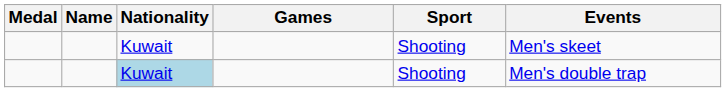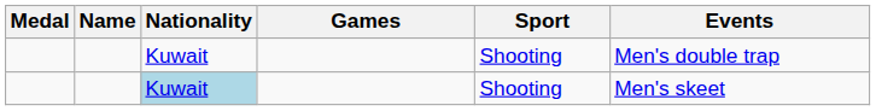 <table class="wikitable sortable">
 <tr>
 <th scope="col">Medal</th>
 <th scope="col">Name</th>
 <th scope="col">Nationality</th>
 <th scope="col" style="width:10em">Games</th>
 <th scope="col" style="width:6em">Sport</th>
 <th scope="col" style="width:12em">Events</th>
 </tr>
 <tr>
 <td></td>
 <td></td>
 <td><a href='#'>Kuwait</a></td>
 <td></td>
 <td><a href='#'>Shooting</a></td>
-<td><a href='#'>Men's skeet</a></td>
+<td><a href='#'>Men's double trap</a></td>
 </tr>
 <tr>
 <td></td>
 <td></td>
 <td style="background: lightblue;"><a href='#'>Kuwait</a></td>
 <td></td>
 <td><a href='#'>Shooting</a></td>
-<td><a href='#'>Men's double trap</a></td>
+<td><a href='#'>Men's skeet</a></td>
 </tr>
 </table>
